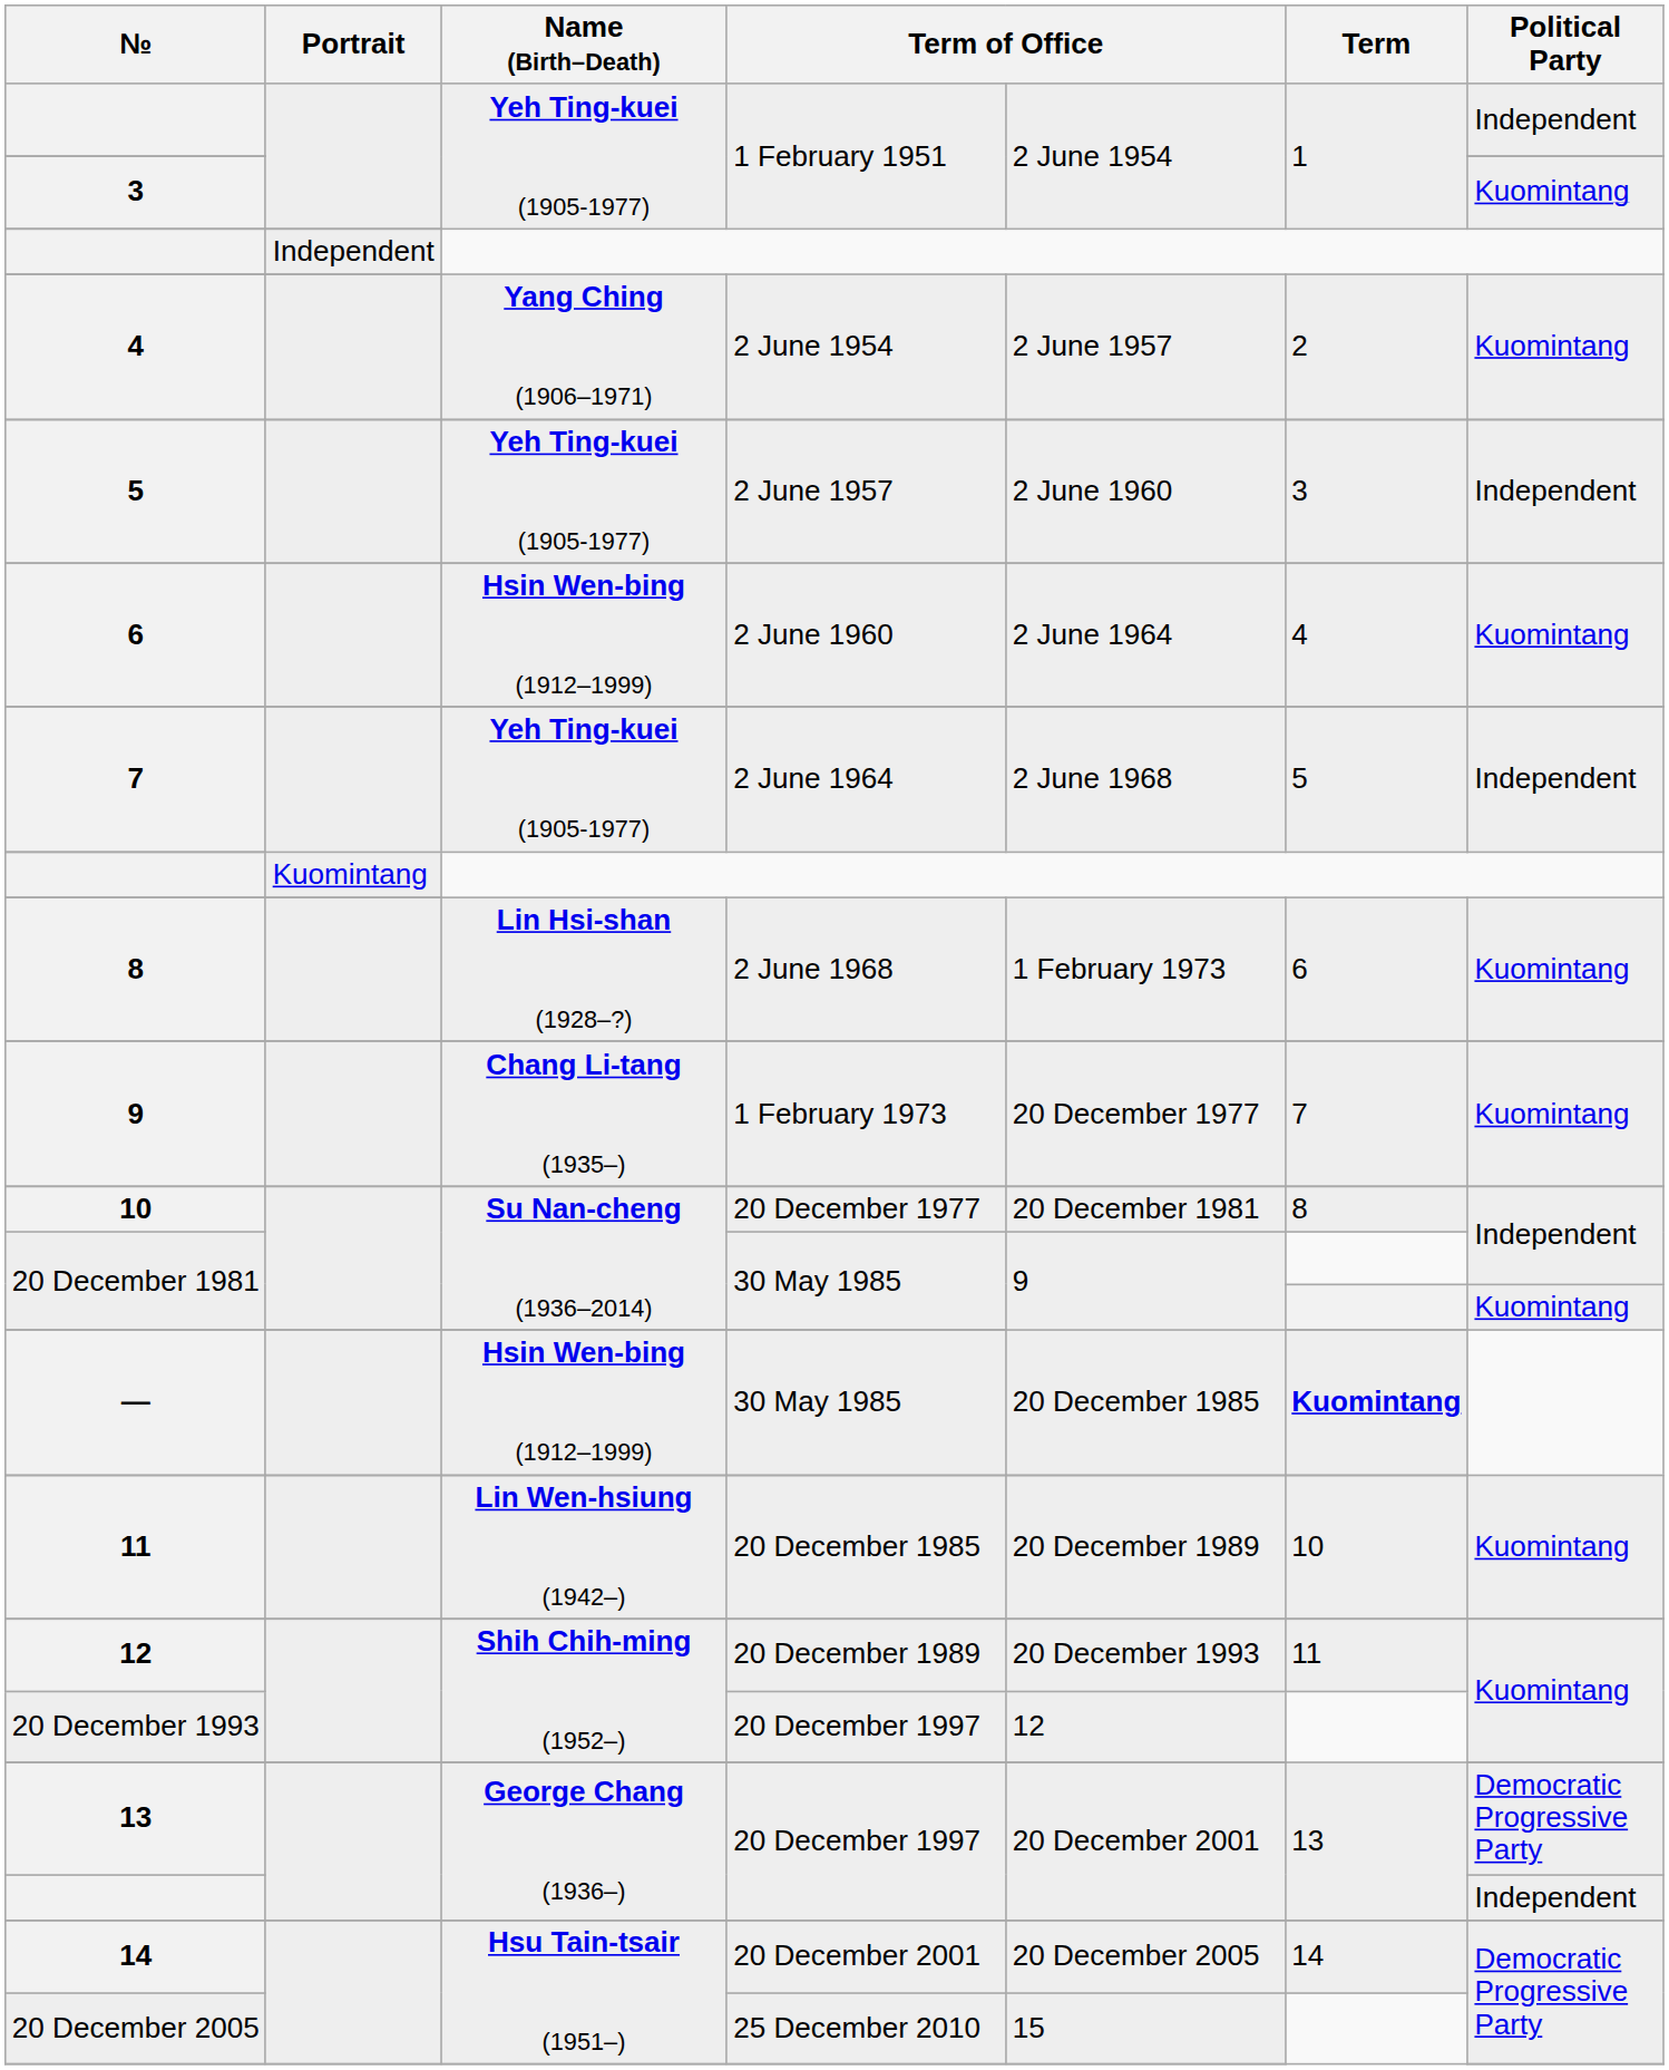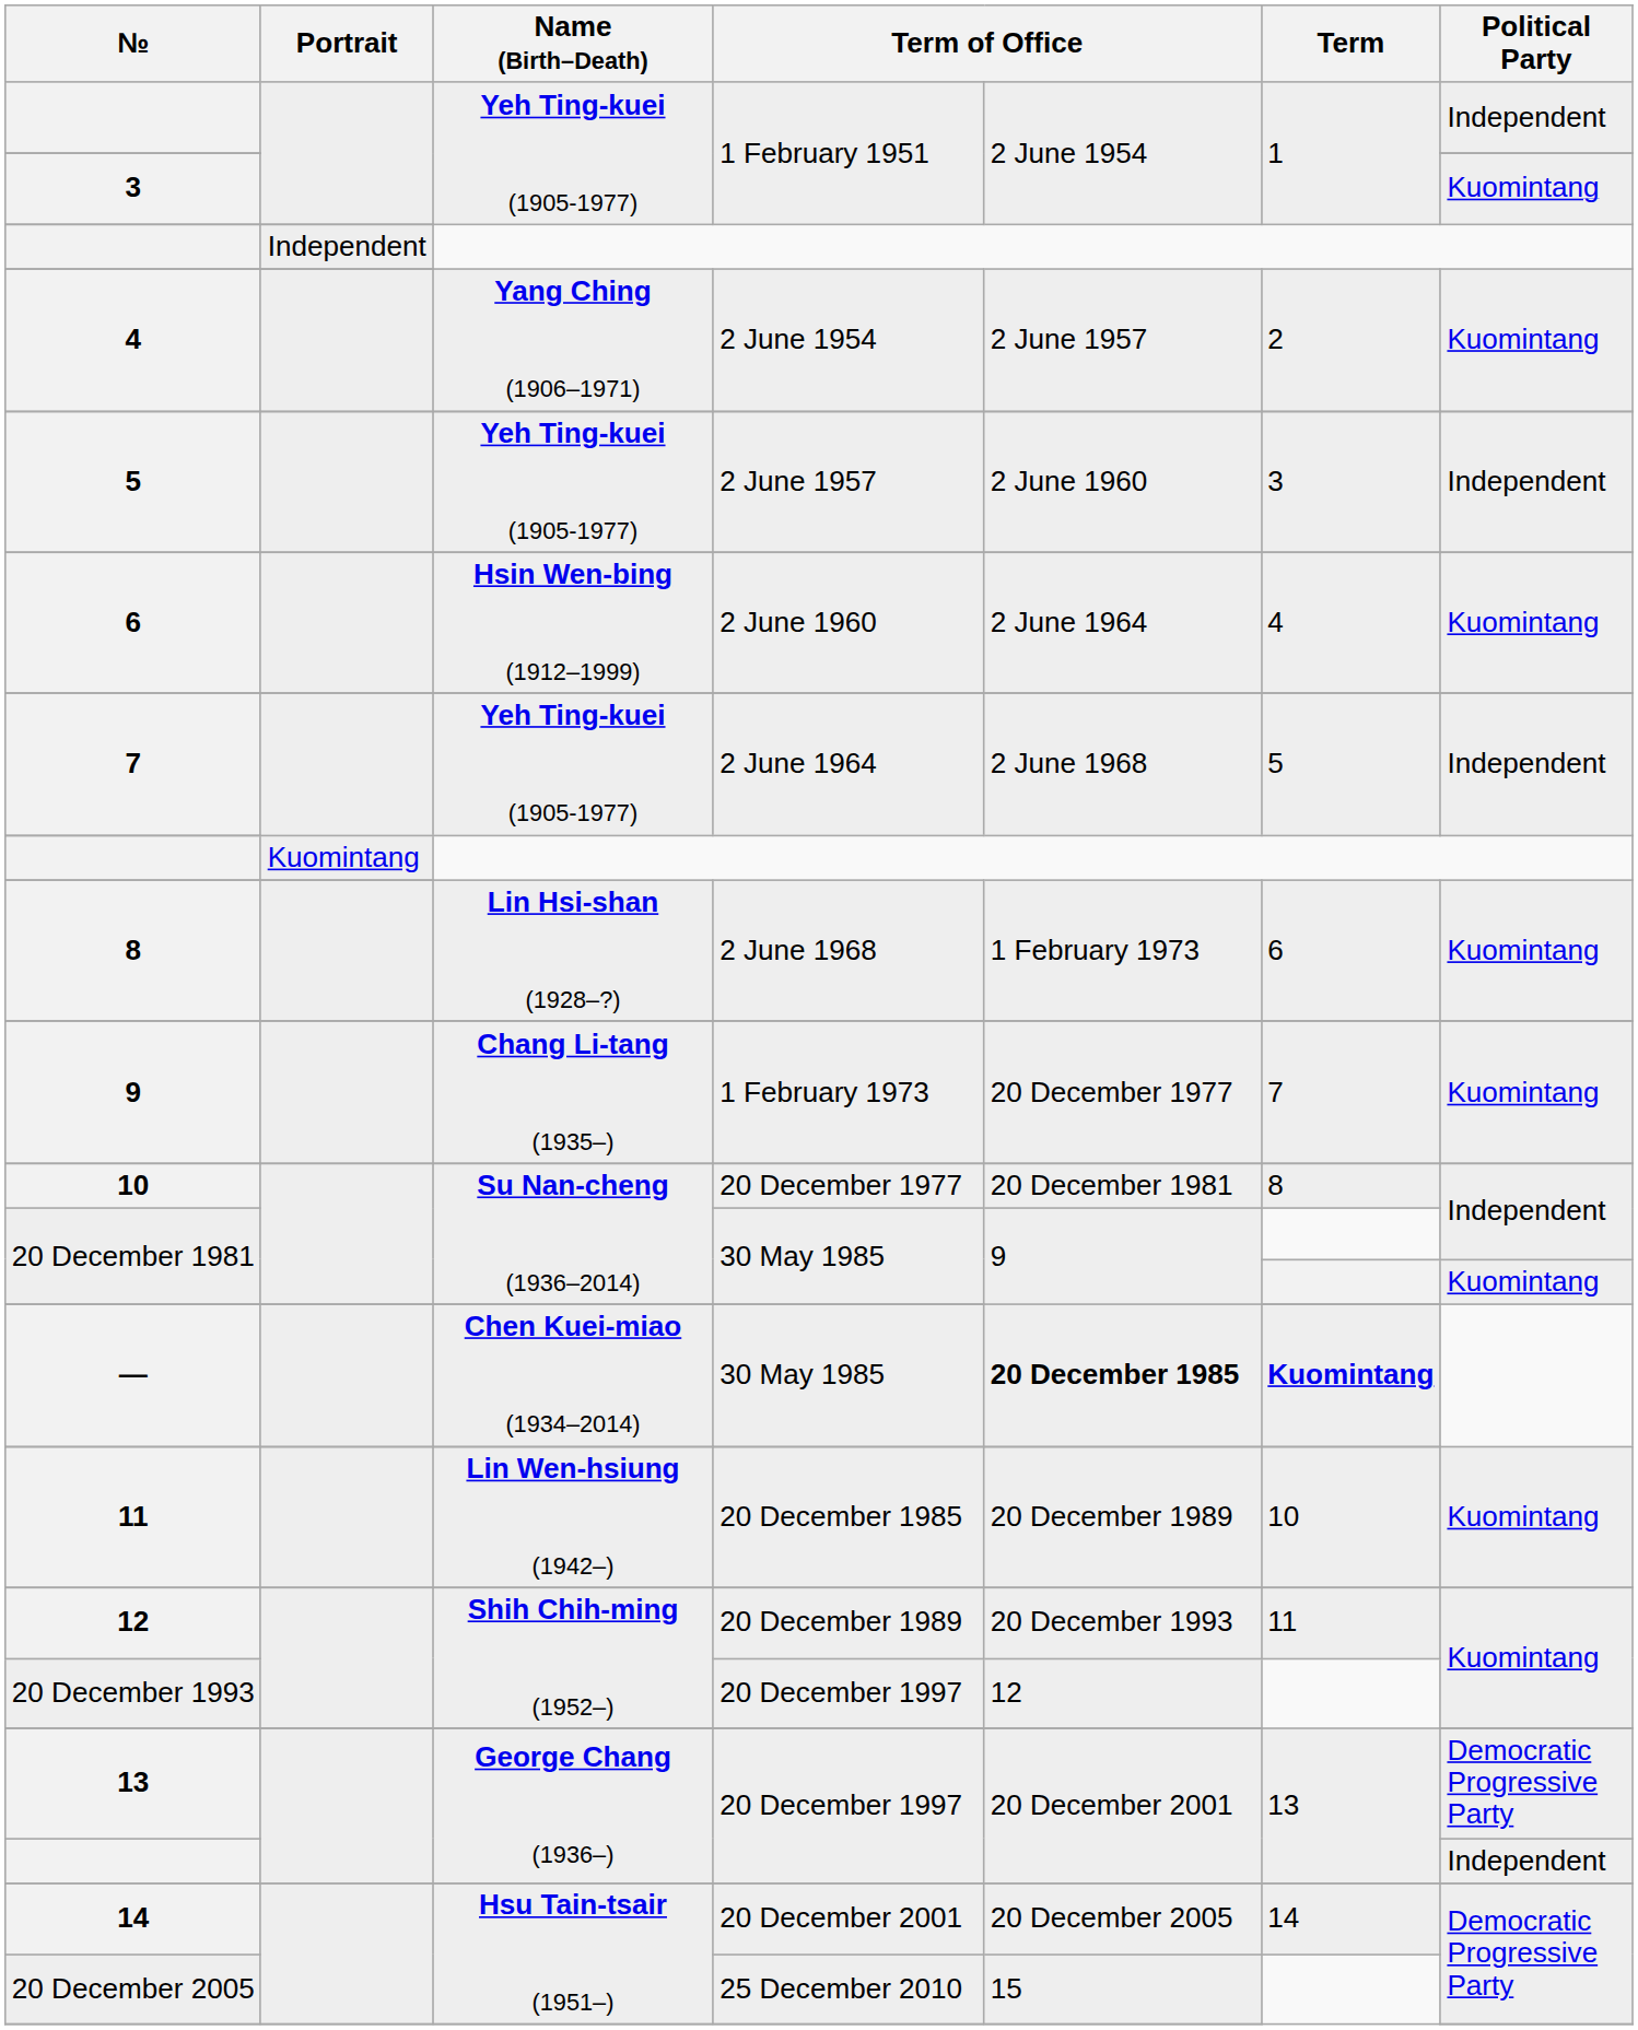 <table class="wikitable">
 <tr ->
 <th>№</th>
 <th>Portrait</th>
 <th width="150">Name<br><small>(Birth–Death)</small></th>
 <th colspan=2 width="300">Term of Office</th>
 <th width = "50">Term</th>
 <th width="100">Political Party</th>
 </tr>
 <tr - bgcolor=#EEEEEE>
 <th style="background:"></th>
 <td rowspan=3></td>
 <td align=center rowspan=3><strong><a href='#'>Yeh Ting-kuei</a></strong><br><span></span><br><small><br>(1905-1977)</small></td>
 <td rowspan=3>1 February 1951</td>
 <td rowspan=3>2 June 1954</td>
 <td rowspan=3>1</td>
 <td>Independent</td>
 </tr>
 <tr ->
 </tr>
 <tr - bgcolor=#EEEEEE>
 <th style="background:">3</th>
 <td><a href='#'>Kuomintang</a></td>
 </tr>
 <tr ->
 </tr>
 <tr - bgcolor=#EEEEEE>
 <th style="background:"></th>
 <td>Independent</td>
 </tr>
 <tr ->
 </tr>
 <tr - bgcolor=#EEEEEE>
 <th style="background:">4</th>
 <td></td>
 <td align=center><strong><a href='#'>Yang Ching</a></strong><br><span></span><br><small><br>(1906–1971)</small></td>
 <td>2 June 1954</td>
 <td>2 June 1957</td>
 <td>2</td>
 <td><a href='#'>Kuomintang</a></td>
 </tr>
 <tr ->
 </tr>
 <tr - bgcolor=#EEEEEE>
 <th style="background:">5</th>
 <td></td>
 <td align=center><strong><a href='#'>Yeh Ting-kuei</a></strong><br><span></span><br><small><br>(1905-1977)</small></td>
 <td>2 June 1957</td>
 <td>2 June 1960</td>
 <td>3</td>
 <td>Independent</td>
 </tr>
 <tr ->
 </tr>
 <tr - bgcolor=#EEEEEE>
 <th style="background:">6</th>
 <td></td>
 <td align=center><strong><a href='#'>Hsin Wen-bing</a></strong><br><span></span><br><small><br>(1912–1999)</small></td>
 <td>2 June 1960</td>
 <td>2 June 1964</td>
 <td>4</td>
 <td><a href='#'>Kuomintang</a></td>
 </tr>
 <tr ->
 </tr>
 <tr - bgcolor=#EEEEEE>
 <th style="background:">7</th>
 <td rowspan=2></td>
 <td align=center rowspan=2><strong><a href='#'>Yeh Ting-kuei</a></strong><br><span></span><br><small><br>(1905-1977)</small></td>
 <td rowspan=2>2 June 1964</td>
 <td rowspan=2>2 June 1968</td>
 <td rowspan=2>5</td>
 <td>Independent</td>
 </tr>
 <tr ->
 </tr>
 <tr - bgcolor=#EEEEEE>
 <th style="background:"></th>
 <td><a href='#'>Kuomintang</a></td>
 </tr>
 <tr ->
 </tr>
 <tr - bgcolor=#EEEEEE>
 <th style="background:">8</th>
 <td></td>
 <td align=center><strong><a href='#'>Lin Hsi-shan</a></strong><br><span></span><br><small><br>(1928–?)</small></td>
 <td>2 June 1968</td>
 <td>1 February 1973</td>
 <td>6</td>
 <td><a href='#'>Kuomintang</a></td>
 </tr>
 <tr ->
 </tr>
 <tr - bgcolor=#EEEEEE>
 <th style="background:">9</th>
 <td></td>
 <td align=center><strong><a href='#'>Chang Li-tang</a></strong><br><span></span><br><small><br>(1935–)</small></td>
 <td>1 February 1973</td>
 <td>20 December 1977</td>
 <td>7</td>
 <td><a href='#'>Kuomintang</a></td>
 </tr>
 <tr ->
 </tr>
 <tr - bgcolor=#EEEEEE>
 <th style="background:">10</th>
 <td rowspan=3 align=center></td>
 <td rowspan=3 align=center><strong><a href='#'>Su Nan-cheng</a></strong><br><span></span><br><small><br>(1936–2014)</small></td>
 <td>20 December 1977</td>
 <td>20 December 1981</td>
 <td>8</td>
 <td rowspan=2>Independent</td>
 </tr>
 <tr - bgcolor=#EEEEEE>
 <td rowspan=2>20 December 1981</td>
 <td rowspan=2>30 May 1985</td>
 <td rowspan=3>9</td>
 </tr>
 <tr - bgcolor=#EEEEEE>
 <th style="background:"></th>
 <td><a href='#'>Kuomintang</a></td>
 </tr>
 <tr ->
 </tr>
 <tr - bgcolor=#EEEEEE>
 <th style="background:">—</th>
 <td align=center></td>
-<td align=center><strong><a href='#'>Hsin Wen-bing</a></strong><br><span></span><br><small><br>(1912–1999)</small></td>
+<td align=center><strong><a href='#'>Chen Kuei-miao</a></strong><br><span></span><br><small><br>(1934–2014)</small></td>
 <td>30 May 1985</td>
-<td>20 December 1985</td>
+<td><strong>20 December 1985</strong></td>
 <td><strong><a href='#'>Kuomintang</a></strong></td>
 </tr>
 <tr ->
 </tr>
 <tr - bgcolor=#EEEEEE>
 <th style="background:">11</th>
 <td align=center></td>
 <td align=center><strong><a href='#'>Lin Wen-hsiung</a></strong><br><span></span><br><small><br>(1942–)</small></td>
 <td>20 December 1985</td>
 <td>20 December 1989</td>
 <td>10</td>
 <td><a href='#'>Kuomintang</a></td>
 </tr>
 <tr ->
 </tr>
 <tr - bgcolor=#EEEEEE>
 <th style="background:">12</th>
 <td rowspan=2 align=center></td>
 <td rowspan=2 align=center><strong><a href='#'>Shih Chih-ming</a></strong><br><span></span><br><small><br>(1952–)</small></td>
 <td>20 December 1989</td>
 <td>20 December 1993</td>
 <td>11</td>
 <td rowspan=2><a href='#'>Kuomintang</a></td>
 </tr>
 <tr - bgcolor=#EEEEEE>
 <td>20 December 1993</td>
 <td>20 December 1997</td>
 <td>12</td>
 </tr>
 <tr ->
 </tr>
 <tr - bgcolor=#EEEEEE>
 <th style="background:">13</th>
 <td rowspan=2 align=center></td>
 <td rowspan=2 align=center><strong><a href='#'>George Chang</a></strong><br><span></span><br><small><br>(1936–)</small></td>
 <td rowspan=2>20 December 1997</td>
 <td rowspan=2>20 December 2001</td>
 <td rowspan=2>13</td>
 <td><a href='#'>Democratic Progressive Party</a></td>
 </tr>
 <tr - bgcolor=#EEEEEE>
 <th style="background:"></th>
 <td>Independent</td>
 </tr>
 <tr ->
 </tr>
 <tr - bgcolor=#EEEEEE>
 <th style="background:">14</th>
 <td rowspan=2 align=center></td>
 <td rowspan=2 align=center><strong><a href='#'>Hsu Tain-tsair</a></strong><br><span></span><br><small><br>(1951–)</small></td>
 <td>20 December 2001</td>
 <td>20 December 2005</td>
 <td>14</td>
 <td rowspan=2><a href='#'>Democratic Progressive Party</a></td>
 </tr>
 <tr - bgcolor=#EEEEEE>
 <td>20 December 2005</td>
 <td>25 December 2010</td>
 <td>15</td>
 </tr>
 <tr ->
 </tr>
 </table>
